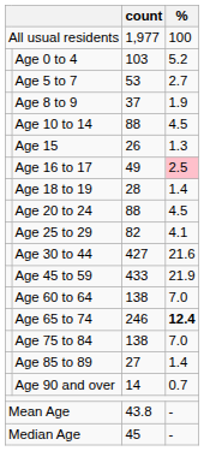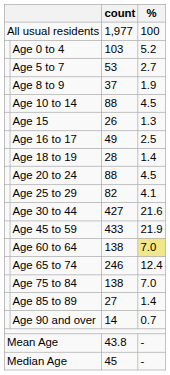 <table class="wikitable">
 <tr>
 <th colspan="2"></th>
 <th>count</th>
 <th>%</th>
 </tr>
 <tr>
 <td colspan="2">All usual residents</td>
 <td>1,977</td>
 <td>100</td>
 </tr>
 <tr>
 <td></td>
 <td>Age 0 to 4</td>
 <td>103</td>
 <td>5.2</td>
 </tr>
 <tr>
 <td></td>
 <td>Age 5 to 7</td>
 <td>53</td>
 <td>2.7</td>
 </tr>
 <tr>
 <td></td>
 <td>Age 8 to 9</td>
 <td>37</td>
 <td>1.9</td>
 </tr>
 <tr>
 <td></td>
 <td>Age 10 to 14</td>
 <td>88</td>
 <td>4.5</td>
 </tr>
 <tr>
 <td></td>
 <td>Age 15</td>
 <td>26</td>
 <td>1.3</td>
 </tr>
 <tr>
 <td></td>
 <td>Age 16 to 17</td>
 <td>49</td>
-<td style="background: pink;">2.5</td>
+<td>2.5</td>
 </tr>
 <tr>
 <td></td>
 <td>Age 18 to 19</td>
 <td>28</td>
 <td>1.4</td>
 </tr>
 <tr>
 <td></td>
 <td>Age 20 to 24</td>
 <td>88</td>
 <td>4.5</td>
 </tr>
 <tr>
 <td></td>
 <td>Age 25 to 29</td>
 <td>82</td>
 <td>4.1</td>
 </tr>
 <tr>
 <td></td>
 <td>Age 30 to 44</td>
 <td>427</td>
 <td>21.6</td>
 </tr>
 <tr>
 <td></td>
 <td>Age 45 to 59</td>
 <td>433</td>
 <td>21.9</td>
 </tr>
 <tr>
 <td></td>
 <td>Age 60 to 64</td>
 <td>138</td>
-<td>7.0</td>
+<td style="background: khaki;">7.0</td>
 </tr>
 <tr>
 <td></td>
 <td>Age 65 to 74</td>
 <td>246</td>
-<td><strong>12.4</strong></td>
+<td>12.4</td>
 </tr>
 <tr>
 <td></td>
 <td>Age 75 to 84</td>
 <td>138</td>
 <td>7.0</td>
 </tr>
 <tr>
 <td></td>
 <td>Age 85 to 89</td>
 <td>27</td>
 <td>1.4</td>
 </tr>
 <tr>
 <td></td>
 <td>Age 90 and over</td>
 <td>14</td>
 <td>0.7</td>
 </tr>
 <tr>
 <td colspan="4"></td>
 </tr>
 <tr>
 <td colspan="2">Mean Age</td>
 <td>43.8</td>
 <td>-</td>
 </tr>
 <tr>
 <td colspan="2">Median Age</td>
 <td>45</td>
 <td>-</td>
 </tr>
 </table>
